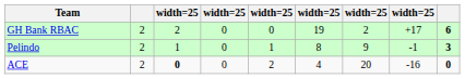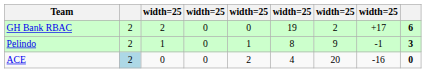 <table class="wikitable" style="text-align: center; font-size: 90%;">
 <tr>
 <th style="width:165px;">Team</th>
 <th width=25></th>
 <th>width=25</th>
 <th>width=25</th>
 <th>width=25</th>
 <th>width=25</th>
 <th>width=25</th>
 <th>width=25</th>
 <th width=25></th>
 </tr>
 <tr style="text-align:center; background:#cfc;">
 <td style="text-align:left;"> <a href='#'>GH Bank RBAC</a></td>
 <td>2</td>
 <td>2</td>
 <td>0</td>
 <td>0</td>
 <td>19</td>
 <td>2</td>
 <td>+17</td>
 <td><strong>6</strong></td>
 </tr>
 <tr style="text-align:center; background:#cfc;">
 <td style="text-align:left;"> <a href='#'>Pelindo</a></td>
 <td>2</td>
 <td>1</td>
 <td>0</td>
 <td>1</td>
 <td>8</td>
 <td>9</td>
 <td>-1</td>
 <td><strong>3</strong></td>
 </tr>
 <tr>
 <td style="text-align:left;"> <a href='#'>ACE</a></td>
-<td>2</td>
-<td><strong>0</strong></td>
+<td style="background: lightblue;">2</td>
+<td>0</td>
 <td>0</td>
 <td>2</td>
 <td>4</td>
 <td>20</td>
 <td>-16</td>
 <td><strong>0</strong></td>
 </tr>
 </table>
